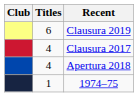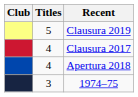 <table class="wikitable" style="text-align:center; width=60%;">
 <tr>
 <th>Club</th>
 <th>Titles</th>
 <th>Recent</th>
 </tr>
 <tr>
 <td style=background-color:#FCFF84;color:#AD9759><strong><a href='#'></a></strong></td>
-<td>6</td>
+<td>5</td>
 <td><a href='#'>Clausura 2019</a></td>
 </tr>
 <tr>
 <td style=background-color:#CD1731;color:#FFFFFF><strong><a href='#'></a></strong></td>
 <td>4</td>
 <td><a href='#'>Clausura 2017</a></td>
 </tr>
 <tr>
 <td style=background-color:#0046AD;color:#DF0101><strong><a href='#'></a></strong></td>
 <td>4</td>
 <td><a href='#'>Apertura 2018</a></td>
 </tr>
 <tr>
 <td style=background-color:#172442;color:Goldenrod><strong><a href='#'></a></strong></td>
-<td>1</td>
+<td>3</td>
 <td><a href='#'>1974–75</a></td>
 </tr>
 </table>
